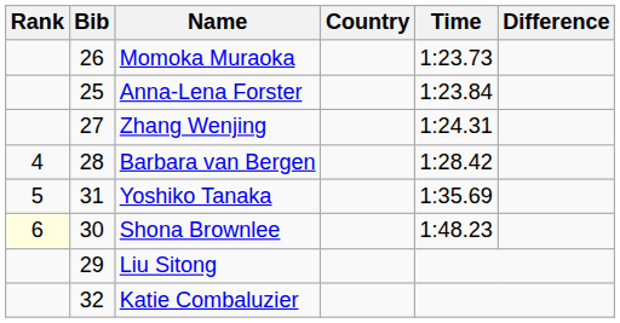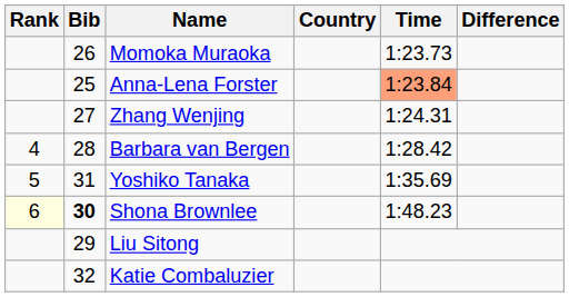 <table class="wikitable sortable" style="text-align:center">
 <tr>
 <th>Rank</th>
 <th>Bib</th>
 <th>Name</th>
 <th>Country</th>
 <th>Time</th>
 <th>Difference</th>
 </tr>
 <tr>
 <td></td>
 <td>26</td>
 <td align="left"><a href='#'>Momoka Muraoka</a></td>
 <td align="left"></td>
 <td>1:23.73</td>
 <td></td>
 </tr>
 <tr>
 <td></td>
 <td>25</td>
 <td align="left"><a href='#'>Anna-Lena Forster</a></td>
 <td align="left"></td>
-<td>1:23.84</td>
+<td style="background: lightsalmon;">1:23.84</td>
 <td></td>
 </tr>
 <tr>
 <td></td>
 <td>27</td>
 <td align="left"><a href='#'>Zhang Wenjing</a></td>
 <td align="left"></td>
 <td>1:24.31</td>
 <td></td>
 </tr>
 <tr>
 <td>4</td>
 <td>28</td>
 <td align="left"><a href='#'>Barbara van Bergen</a></td>
 <td align="left"></td>
 <td>1:28.42</td>
 <td></td>
 </tr>
 <tr>
 <td>5</td>
 <td>31</td>
 <td align="left"><a href='#'>Yoshiko Tanaka</a></td>
 <td align="left"></td>
 <td>1:35.69</td>
 <td></td>
 </tr>
 <tr>
 <td style="background: lightyellow;">6</td>
-<td>30</td>
+<td><strong>30</strong></td>
 <td align="left"><a href='#'>Shona Brownlee</a></td>
 <td align="left"></td>
 <td>1:48.23</td>
 <td></td>
 </tr>
 <tr>
 <td></td>
 <td>29</td>
 <td align="left"><a href='#'>Liu Sitong</a></td>
 <td align="left"></td>
 <td colspan="2"></td>
 </tr>
 <tr>
 <td></td>
 <td>32</td>
 <td align="left"><a href='#'>Katie Combaluzier</a></td>
 <td align="left"></td>
 <td colspan="2"></td>
 </tr>
 </table>
